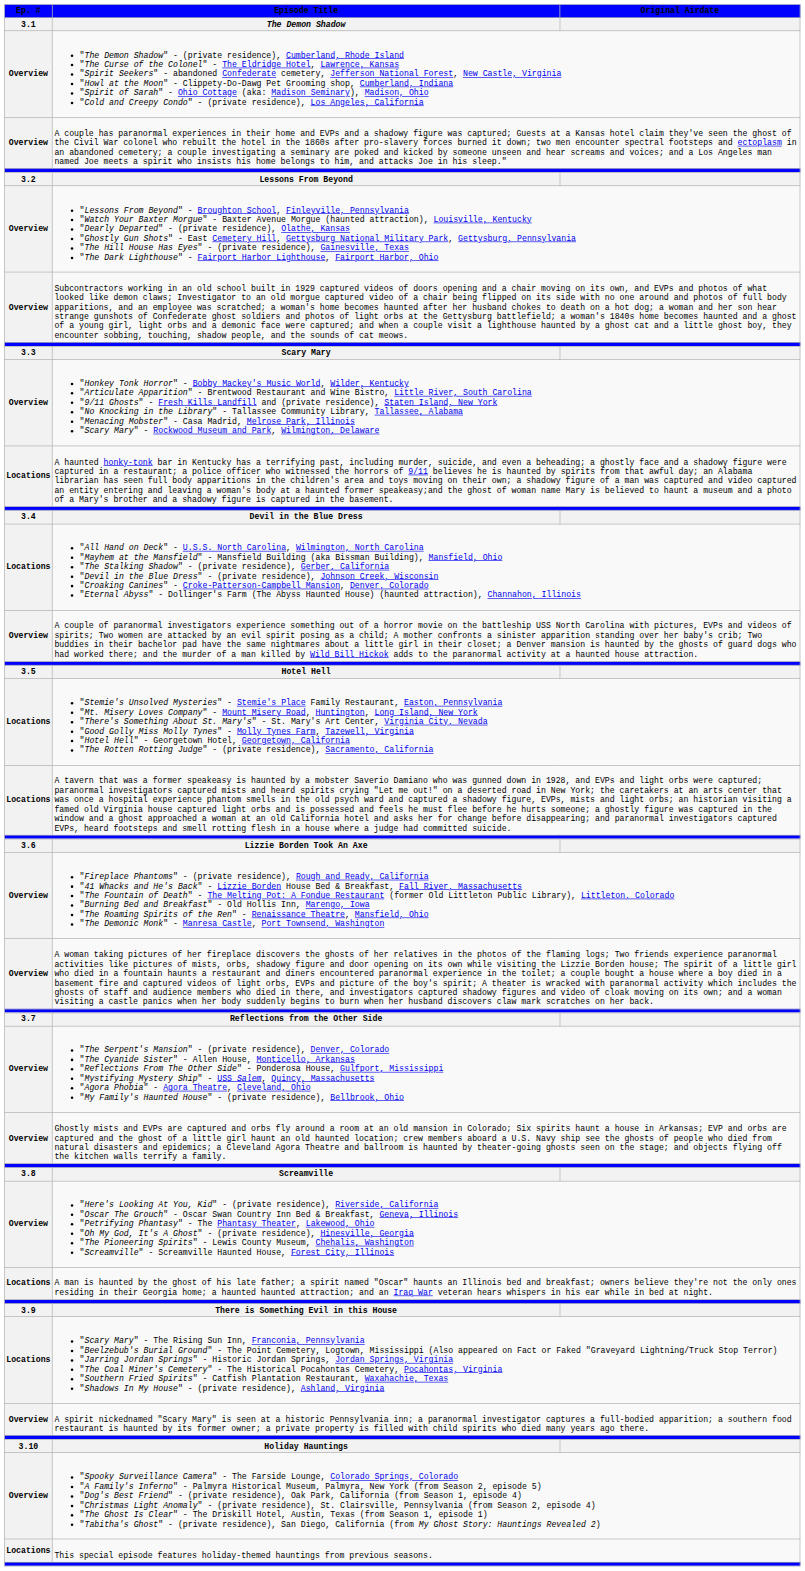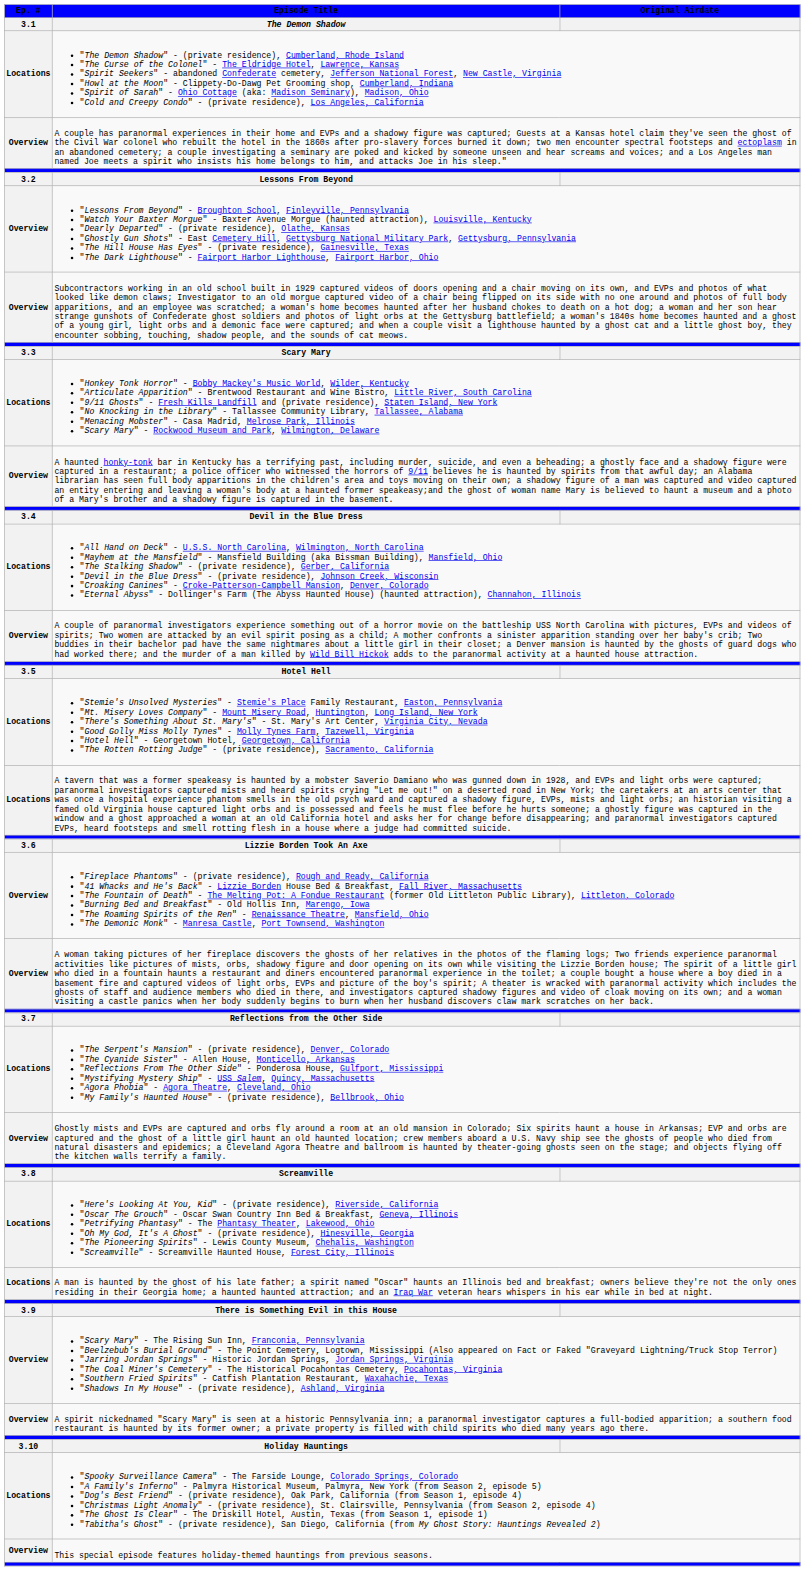 <table class="wikitable" style="width:100%;" style=background:#FFFFFF;">
 <tr>
 <th style="background:blue;"><span>Ep. #</span></th>
 <th style="background:blue;"><span>Episode Title</span></th>
 <th style="background:blue;"><span>Original Airdate</span></th>
 </tr>
 <tr>
 <th>3.1</th>
 <th><em>The Demon Shadow</em></th>
 <th></th>
 </tr>
 <tr>
-<th>Overview</th>
+<th>Locations</th>
 <td colspan="3"><br><ul><li>"<em>The Demon Shadow</em>" - (private residence), <a href='#'>Cumberland, Rhode Island</a></li><li>"<em>The Curse of the Colonel</em>" - <a href='#'>The Eldridge Hotel</a>, <a href='#'>Lawrence, Kansas</a></li><li>"<em>Spirit Seekers</em>" - abandoned <a href='#'>Confederate</a> cemetery, <a href='#'>Jefferson National Forest</a>, <a href='#'>New Castle, Virginia</a></li><li>"<em>Howl at the Moon</em>" - Clippety-Do-Dawg Pet Grooming shop, <a href='#'>Cumberland, Indiana</a></li><li>"<em>Spirit of Sarah</em>" - <a href='#'>Ohio Cottage</a> (aka: <a href='#'>Madison Seminary</a>), <a href='#'>Madison, Ohio</a></li><li>"<em>Cold and Creepy Condo</em>" - (private residence), <a href='#'>Los Angeles, California</a></li></ul></td>
 </tr>
 <tr>
 <th>Overview</th>
 <td colspan="3"><br>A couple has paranormal experiences in their home and EVPs and a shadowy figure was captured; Guests at a Kansas hotel claim they've seen the ghost of the Civil War colonel who rebuilt the hotel in the 1860s after pro-slavery forces burned it down; two men encounter spectral footsteps and <a href='#'>ectoplasm</a> in an abandoned cemetery; a couple investigating a seminary are poked and kicked by someone unseen and hear screams and voices; and a Los Angeles man named Joe meets a spirit who insists his home belongs to him, and attacks Joe in his sleep."</td>
 </tr>
 <tr>
 <td colspan="3" style="background:blue;"></td>
 </tr>
 <tr>
 <th>3.2</th>
 <th>Lessons From Beyond</th>
 <th></th>
 </tr>
 <tr>
 <th>Overview</th>
 <td colspan="3"><br><ul><li>"<em>Lessons From Beyond</em>" - <a href='#'>Broughton School</a>, <a href='#'>Finleyville, Pennsylvania</a></li><li>"<em>Watch Your Baxter Morgue</em>" - Baxter Avenue Morgue (haunted attraction), <a href='#'>Louisville, Kentucky</a></li><li>"<em>Dearly Departed</em>" - (private residence), <a href='#'>Olathe, Kansas</a></li><li>"<em>Ghostly Gun Shots</em>" - East <a href='#'>Cemetery Hill</a>, <a href='#'>Gettysburg National Military Park</a>, <a href='#'>Gettysburg, Pennsylvania</a></li><li>"<em>The Hill House Has Eyes</em>" - (private residence), <a href='#'>Gainesville, Texas</a></li><li>"<em>The Dark Lighthouse</em>" - <a href='#'>Fairport Harbor Lighthouse</a>, <a href='#'>Fairport Harbor, Ohio</a></li></ul></td>
 </tr>
 <tr>
 <th>Overview</th>
 <td colspan="3"><br>Subcontractors working in an old school built in 1929 captured videos of doors opening and a chair moving on its own, and EVPs and photos of what looked like demon claws; Investigator to an old morgue captured video of a chair being flipped on its side with no one around and photos of full body apparitions, and an employee was scratched; a woman's home becomes haunted after her husband chokes to death on a hot dog; a woman and her son hear strange gunshots of Confederate ghost soldiers and photos of light orbs at the Gettysburg battlefield; a woman's 1840s home becomes haunted and a ghost of a young girl, light orbs and a demonic face were captured; and when a couple visit a lighthouse haunted by a ghost cat and a little ghost boy, they encounter sobbing, touching, shadow people, and the sounds of cat meows.</td>
 </tr>
 <tr>
 <td colspan="3" style="background:blue;"></td>
 </tr>
 <tr>
 <th>3.3</th>
 <th>Scary Mary</th>
 <th></th>
 </tr>
 <tr>
-<th>Overview</th>
+<th>Locations</th>
 <td colspan="3"><br><ul><li>"<em>Honkey Tonk Horror</em>" - <a href='#'>Bobby Mackey's Music World</a>, <a href='#'>Wilder, Kentucky</a></li><li>"<em>Articulate Apparition</em>" - Brentwood Restaurant and Wine Bistro, <a href='#'>Little River, South Carolina</a></li><li>"<em>9/11 Ghosts</em>" - <a href='#'>Fresh Kills Landfill</a> and (private residence), <a href='#'>Staten Island, New York</a></li><li>"<em>No Knocking in the Library</em>" - Tallassee Community Library, <a href='#'>Tallassee, Alabama</a></li><li>"<em>Menacing Mobster</em>" - Casa Madrid, <a href='#'>Melrose Park, Illinois</a></li><li>"<em>Scary Mary</em>" - <a href='#'>Rockwood Museum and Park</a>, <a href='#'>Wilmington, Delaware</a></li></ul></td>
 </tr>
 <tr>
-<th>Locations</th>
+<th>Overview</th>
 <td colspan="3"><br>A haunted <a href='#'>honky-tonk</a> bar in Kentucky has a terrifying past, including murder, suicide, and even a beheading; a ghostly face and a shadowy figure were captured in a restaurant; a police officer who witnessed the horrors of <a href='#'>9/11</a> believes he is haunted by spirits from that awful day; an Alabama librarian has seen full body apparitions in the children's area and toys moving on their own; a shadowy figure of a man was captured and video captured an entity entering and leaving a woman's body at a haunted former speakeasy;and the ghost of woman name Mary is believed to haunt a museum and a photo of a Mary's brother and a shadowy figure is captured in the basement.</td>
 </tr>
 <tr>
 <td colspan="3" style="background:blue;"></td>
 </tr>
 <tr>
 <th>3.4</th>
 <th>Devil in the Blue Dress</th>
 <th></th>
 </tr>
 <tr>
 <th>Locations</th>
 <td colspan="3"><br><ul><li>"<em>All Hand on Deck</em>" - <a href='#'>U.S.S. North Carolina</a>, <a href='#'>Wilmington, North Carolina</a></li><li>"<em>Mayhem at the Mansfield</em>" - Mansfield Building (aka Bissman Building), <a href='#'>Mansfield, Ohio</a></li><li>"<em>The Stalking Shadow</em>" - (private residence), <a href='#'>Gerber, California</a></li><li>"<em>Devil in the Blue Dress</em>" - (private residence), <a href='#'>Johnson Creek, Wisconsin</a></li><li>"<em>Croaking Canines</em>" - <a href='#'>Croke-Patterson-Campbell Mansion</a>, <a href='#'>Denver, Colorado</a></li><li>"<em>Eternal Abyss</em>" - Dollinger's Farm (The Abyss Haunted House) (haunted attraction), <a href='#'>Channahon, Illinois</a></li></ul></td>
 </tr>
 <tr>
 <th>Overview</th>
 <td colspan="3"><br>A couple of paranormal investigators experience something out of a horror movie on the battleship USS North Carolina with pictures, EVPs and videos of spirits; Two women are attacked by an evil spirit posing as a child; A mother confronts a sinister apparition standing over her baby's crib; Two buddies in their bachelor pad have the same nightmares about a little girl in their closet; a Denver mansion is haunted by the ghosts of guard dogs who had worked there; and the murder of a man killed by <a href='#'>Wild Bill Hickok</a> adds to the paranormal activity at a haunted house attraction.</td>
 </tr>
 <tr>
 <td colspan="3" style="background:blue;"></td>
 </tr>
 <tr>
 <th>3.5</th>
 <th>Hotel Hell</th>
 <th></th>
 </tr>
 <tr>
 <th>Locations</th>
 <td colspan="3"><br><ul><li>"<em>Stemie's Unsolved Mysteries</em>" - <a href='#'>Stemie's Place</a> Family Restaurant, <a href='#'>Easton, Pennsylvania</a></li><li>"<em>Mt. Misery Loves Company</em>" - <a href='#'>Mount Misery Road</a>, <a href='#'>Huntington</a>, <a href='#'>Long Island, New York</a></li><li>"<em>There's Something About St. Mary's</em>" - St. Mary's Art Center, <a href='#'>Virginia City, Nevada</a></li><li>"<em>Good Golly Miss Molly Tynes</em>" - <a href='#'>Molly Tynes Farm</a>, <a href='#'>Tazewell, Virginia</a></li><li>"<em>Hotel Hell</em>" - Georgetown Hotel, <a href='#'>Georgetown, California</a></li><li>"<em>The Rotten Rotting Judge</em>" - (private residence), <a href='#'>Sacramento, California</a></li></ul></td>
 </tr>
 <tr>
 <th>Locations</th>
 <td colspan="3"><br>A tavern that was a former speakeasy is haunted by a mobster Saverio Damiano who was gunned down in 1928, and EVPs and light orbs were captured; paranormal investigators captured mists and heard spirits crying "Let me out!" on a deserted road in New York; the caretakers at an arts center that was once a hospital experience phantom smells in the old psych ward and captured a shadowy figure, EVPs, mists and light orbs; an historian visiting a famed old Virginia house captured light orbs and is possessed and feels he must flee before he hurts someone; a ghostly figure was captured in the window and a ghost approached a woman at an old California hotel and asks her for change before disappearing; and paranormal investigators captured EVPs, heard footsteps and smell rotting flesh in a house where a judge had committed suicide.</td>
 </tr>
 <tr>
 <td colspan="3" style="background:blue;"></td>
 </tr>
 <tr>
 <th>3.6</th>
 <th>Lizzie Borden Took An Axe</th>
 <th></th>
 </tr>
 <tr>
 <th>Overview</th>
 <td colspan="3"><br><ul><li>"<em>Fireplace Phantoms</em>" - (private residence), <a href='#'>Rough and Ready, California</a></li><li>"<em>41 Whacks and He's Back</em>" - <a href='#'>Lizzie Borden</a> House Bed & Breakfast, <a href='#'>Fall River, Massachusetts</a></li><li>"<em>The Fountain of Death</em>" - <a href='#'>The Melting Pot: A Fondue Restaurant</a> (former Old Littleton Public Library), <a href='#'>Littleton, Colorado</a></li><li>"<em>Burning Bed and Breakfast</em>" - Old Hollis Inn, <a href='#'>Marengo, Iowa</a></li><li>"<em>The Roaming Spirits of the Ren</em>" - <a href='#'>Renaissance Theatre</a>, <a href='#'>Mansfield, Ohio</a></li><li>"<em>The Demonic Monk</em>" - <a href='#'>Manresa Castle</a>, <a href='#'>Port Townsend, Washington</a></li></ul></td>
 </tr>
 <tr>
 <th>Overview</th>
 <td colspan="3"><br>A woman taking pictures of her fireplace discovers the ghosts of her relatives in the photos of the flaming logs; Two friends experience paranormal activities like pictures of mists, orbs, shadowy figure and door opening on its own while visiting the Lizzie Borden house; The spirit of a little girl who died in a fountain haunts a restaurant and diners encountered paranormal experience in the toilet; a couple bought a house where a boy died in a basement fire and captured videos of light orbs, EVPs and picture of the boy's spirit; A theater is wracked with paranormal activity which includes the ghosts of staff and audience members who died in there, and investigators captured shadowy figures and video of cloak moving on its own; and a woman visiting a castle panics when her body suddenly begins to burn when her husband discovers claw mark scratches on her back.</td>
 </tr>
 <tr>
 <td colspan="3" style="background:blue;"></td>
 </tr>
 <tr>
 <th>3.7</th>
 <th>Reflections from the Other Side</th>
 <th></th>
 </tr>
 <tr>
-<th>Overview</th>
+<th>Locations</th>
 <td colspan="3"><br><ul><li>"<em>The Serpent's Mansion</em>" - (private residence), <a href='#'>Denver, Colorado</a></li><li>"<em>The Cyanide Sister</em>" - Allen House, <a href='#'>Monticello, Arkansas</a></li><li>"<em>Reflections From The Other Side</em>" - Ponderosa House, <a href='#'>Gulfport, Mississippi</a></li><li>"<em>Mystifying Mystery Ship</em>" - <a href='#'>USS <em>Salem</em></a>, <a href='#'>Quincy, Massachusetts</a></li><li>"<em>Agora Phobia</em>" - <a href='#'>Agora Theatre</a>, <a href='#'>Cleveland, Ohio</a></li><li>"<em>My Family's Haunted House</em>" - (private residence), <a href='#'>Bellbrook, Ohio</a></li></ul></td>
 </tr>
 <tr>
 <th>Overview</th>
 <td colspan="3"><br>Ghostly mists and EVPs are captured and orbs fly around a room at an old mansion in Colorado; Six spirits haunt a house in Arkansas; EVP and orbs are captured and the ghost of a little girl haunt an old haunted location; crew members aboard a U.S. Navy ship see the ghosts of people who died from natural disasters and epidemics; a Cleveland Agora Theatre and ballroom is haunted by theater-going ghosts seen on the stage; and objects flying off the kitchen walls terrify a family.</td>
 </tr>
 <tr>
 <td colspan="3" style="background:blue;"></td>
 </tr>
 <tr>
 <th>3.8</th>
 <th>Screamville</th>
 <th></th>
 </tr>
 <tr>
-<th>Overview</th>
+<th>Locations</th>
 <td colspan="3"><br><ul><li>"<em>Here's Looking At You, Kid</em>" - (private residence), <a href='#'>Riverside, California</a></li><li>"<em>Oscar The Grouch</em>" - Oscar Swan Country Inn Bed & Breakfast, <a href='#'>Geneva, Illinois</a></li><li>"<em>Petrifying Phantasy</em>" - The <a href='#'>Phantasy Theater</a>, <a href='#'>Lakewood, Ohio</a></li><li>"<em>Oh My God, It's A Ghost</em>" - (private residence), <a href='#'>Hinesville, Georgia</a></li><li>"<em>The Pioneering Spirits</em>" - Lewis County Museum, <a href='#'>Chehalis, Washington</a></li><li>"<em>Screamville</em>" - Screamville Haunted House, <a href='#'>Forest City, Illinois</a></li></ul></td>
 </tr>
 <tr>
 <th>Locations</th>
 <td colspan="3"><br>A man is haunted by the ghost of his late father; a spirit named "Oscar" haunts an Illinois bed and breakfast; owners believe they're not the only ones residing in their Georgia home; a haunted haunted attraction; and an <a href='#'>Iraq War</a> veteran hears whispers in his ear while in bed at night.</td>
 </tr>
 <tr>
 <td colspan="3" style="background:blue;"></td>
 </tr>
 <tr>
 <th>3.9</th>
 <th>There is Something Evil in this House</th>
 <th></th>
 </tr>
 <tr>
-<th>Locations</th>
+<th>Overview</th>
 <td colspan="3"><br><ul><li>"<em>Scary Mary</em>" - The Rising Sun Inn, <a href='#'>Franconia, Pennsylvania</a></li><li>"<em>Beelzebub's Burial Ground</em>" - The Point Cemetery, Logtown, Mississippi (Also appeared on Fact or Faked "Graveyard Lightning/Truck Stop Terror)</li><li>"<em>Jarring Jordan Springs</em>" - Historic Jordan Springs, <a href='#'>Jordan Springs, Virginia</a></li><li>"<em>The Coal Miner's Cemetery</em>" - The Historical Pocahontas Cemetery, <a href='#'>Pocahontas, Virginia</a></li><li>"<em>Southern Fried Spirits</em>" - Catfish Plantation Restaurant, <a href='#'>Waxahachie, Texas</a></li><li>"<em>Shadows In My House</em>" - (private residence), <a href='#'>Ashland, Virginia</a></li></ul></td>
 </tr>
 <tr>
 <th>Overview</th>
 <td colspan="3"><br>A spirit nickednamed "Scary Mary" is seen at a historic Pennsylvania inn; a paranormal investigator captures a full-bodied apparition; a southern food restaurant is haunted by its former owner; a private property is filled with child spirits who died many years ago there.</td>
 </tr>
 <tr>
 <td colspan="3" style="background:blue;"></td>
 </tr>
 <tr>
 <th>3.10</th>
 <th>Holiday Hauntings</th>
 <th></th>
 </tr>
 <tr>
-<th>Overview</th>
+<th>Locations</th>
 <td colspan="3"><br><ul><li>"<em>Spooky Surveillance Camera</em>" - The Farside Lounge, <a href='#'>Colorado Springs, Colorado</a></li><li>"<em>A Family's Inferno</em>" - Palmyra Historical Museum, Palmyra, New York (from Season 2, episode 5)</li><li>"<em>Dog's Best Friend</em>" - (private residence), Oak Park, California (from Season 1, episode 4)</li><li>"<em>Christmas Light Anomaly</em>" - (private residence), St. Clairsville, Pennsylvania (from Season 2, episode 4)</li><li>"<em>The Ghost Is Clear</em>" - The Driskill Hotel, Austin, Texas (from Season 1, episode 1)</li><li>"<em>Tabitha's Ghost</em>" - (private residence), San Diego, California (from <em>My Ghost Story: Hauntings Revealed 2</em>)</li></ul></td>
 </tr>
 <tr>
-<th>Locations</th>
+<th>Overview</th>
 <td colspan="3"><br>This special episode features holiday-themed hauntings from previous seasons.</td>
 </tr>
 <tr>
 <td colspan="3" style="background:blue;"></td>
 </tr>
 </table>
